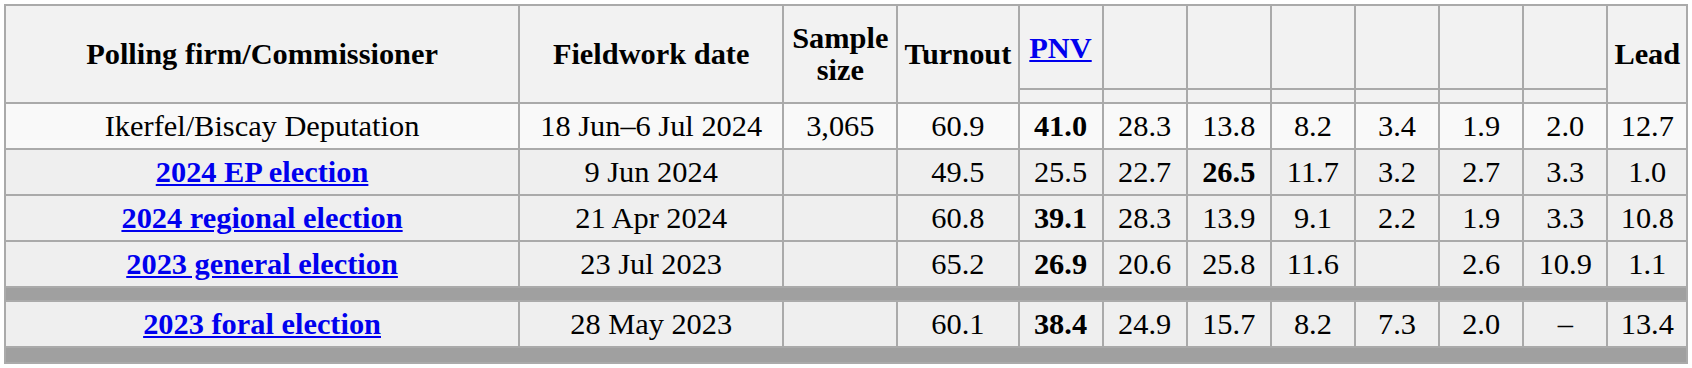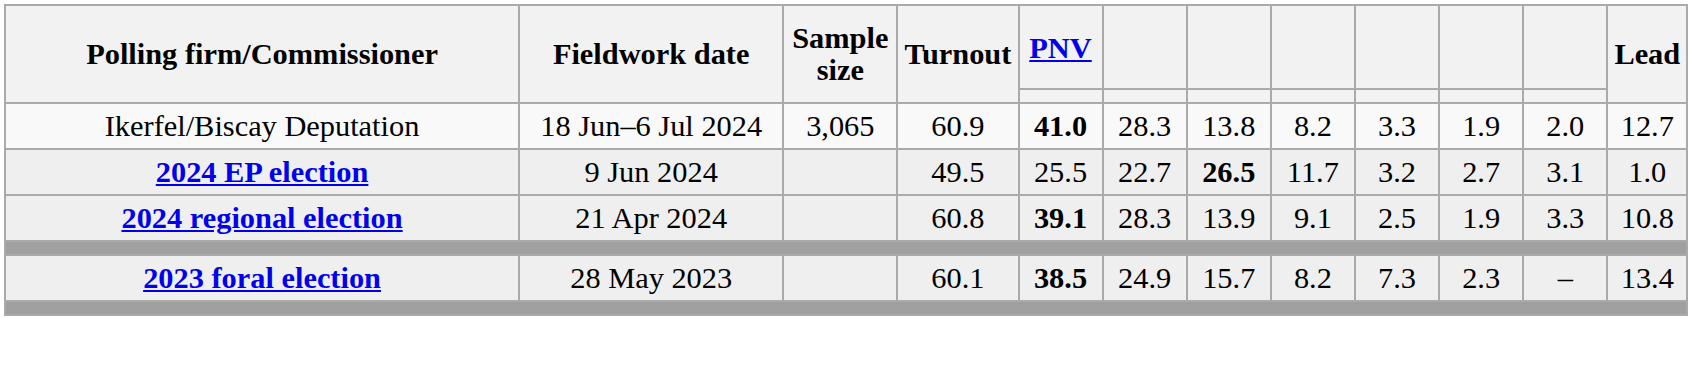 <table class="wikitable collapsible collapsed" style="text-align:center; font-size:95%; line-height:16px;">
 <tr style="height:42px;">
 <th style="width:250px;" rowspan="2">Polling firm/Commissioner</th>
 <th style="width:125px;" rowspan="2">Fieldwork date</th>
 <th style="width:50px;" rowspan="2">Sample size</th>
 <th style="width:45px;" rowspan="2">Turnout</th>
 <th style="width:35px;"><a href='#'>PNV</a></th>
 <th style="width:35px;"></th>
 <th style="width:35px;"></th>
 <th style="width:35px;"></th>
 <th style="width:35px;"></th>
 <th style="width:35px;"></th>
 <th style="width:35px;"></th>
 <th style="width:30px;" rowspan="2">Lead</th>
 </tr>
 <tr>
 <th style="color:inherit;background:"></th>
 <th style="color:inherit;background:"></th>
 <th style="color:inherit;background:"></th>
 <th style="color:inherit;background:"></th>
 <th style="color:inherit;background:"></th>
 <th style="color:inherit;background:"></th>
 <th style="color:inherit;background:"></th>
 </tr>
 <tr>
 <td>Ikerfel/Biscay Deputation</td>
 <td>18 Jun–6 Jul 2024</td>
 <td>3,065</td>
 <td>60.9</td>
 <td><strong>41.0</strong><br></td>
 <td>28.3<br></td>
 <td>13.8<br></td>
 <td>8.2<br></td>
-<td>3.4<br></td>
+<td>3.3<br></td>
 <td>1.9<br></td>
 <td>2.0<br></td>
 <td style="background:">12.7</td>
 </tr>
 <tr style="background:#EFEFEF;">
 <td><strong><a href='#'>2024 EP election</a></strong></td>
 <td>9 Jun 2024</td>
 <td></td>
 <td>49.5</td>
 <td>25.5</td>
 <td>22.7</td>
 <td><strong>26.5</strong></td>
 <td>11.7</td>
 <td>3.2</td>
 <td>2.7</td>
-<td>3.3</td>
+<td>3.1</td>
 <td style="background:">1.0</td>
 </tr>
 <tr style="background:#EFEFEF;">
 <td><strong><a href='#'>2024 regional election</a></strong></td>
 <td>21 Apr 2024</td>
 <td></td>
 <td>60.8</td>
 <td><strong>39.1</strong></td>
 <td>28.3</td>
 <td>13.9</td>
 <td>9.1</td>
-<td>2.2</td>
+<td>2.5</td>
 <td>1.9</td>
 <td>3.3</td>
 <td style="background:">10.8</td>
-</tr>
-<tr style="background:#EFEFEF;">
-<td><strong><a href='#'>2023 general election</a></strong></td>
-<td>23 Jul 2023</td>
-<td></td>
-<td>65.2</td>
-<td><strong>26.9</strong></td>
-<td>20.6</td>
-<td>25.8</td>
-<td>11.6</td>
-<td></td>
-<td>2.6</td>
-<td>10.9</td>
-<td style="background:">1.1</td>
 </tr>
 <tr>
 <td colspan="12" style="background:#A0A0A0"></td>
 </tr>
 <tr style="background:#EFEFEF;">
 <td><strong><a href='#'>2023 foral election</a></strong></td>
 <td>28 May 2023</td>
 <td></td>
 <td>60.1</td>
-<td><strong>38.4</strong><br></td>
+<td><strong>38.5</strong><br></td>
 <td>24.9<br></td>
 <td>15.7<br></td>
 <td>8.2<br></td>
 <td>7.3<br></td>
-<td>2.0<br></td>
+<td>2.3<br></td>
 <td>–</td>
 <td style="background:">13.4</td>
 </tr>
 <tr>
 <td colspan="12" style="background:#A0A0A0"></td>
 </tr>
 </table>
